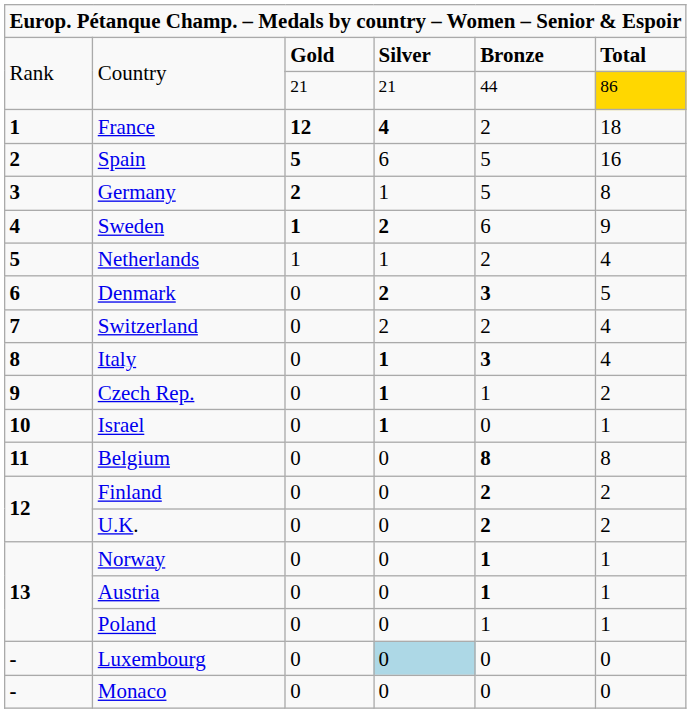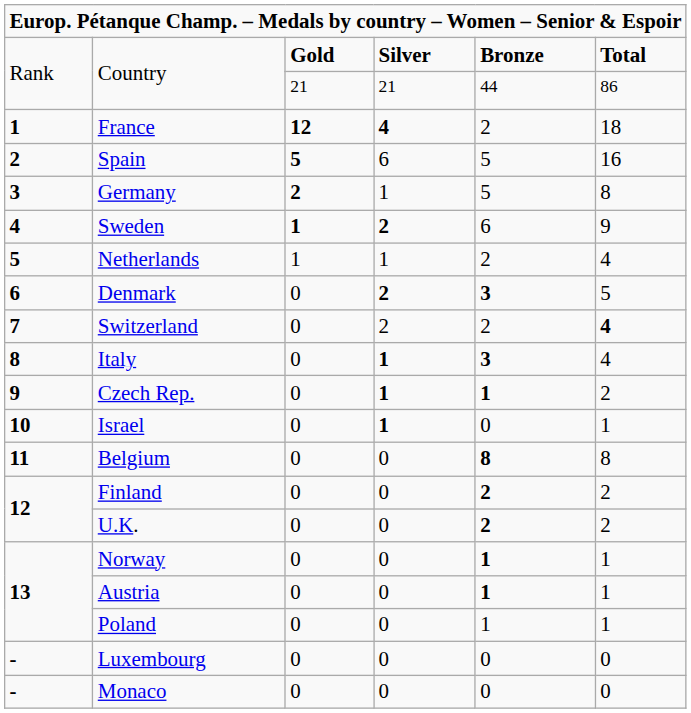 <table class="wikitable">
 <tr>
 <td colspan="6"><strong>Europ. Pétanque Champ. – Medals by country – Women – Senior &  Espoir</strong></td>
 </tr>
 <tr>
 <td rowspan="2">Rank</td>
 <td rowspan="2">Country</td>
 <td><strong> Gold</strong></td>
 <td><strong> Silver</strong></td>
 <td><strong> Bronze</strong></td>
 <td><strong>Total</strong></td>
 </tr>
 <tr>
 <td><sup>21</sup></td>
 <td><sup>21</sup></td>
 <td><sup>44</sup></td>
-<td style="background: gold;"><sup>86</sup></td>
+<td><sup>86</sup></td>
 </tr>
 <tr>
 <td><strong>1</strong></td>
 <td> <a href='#'>France</a></td>
 <td><strong>12</strong></td>
 <td><strong>4</strong></td>
 <td>2</td>
 <td>18</td>
 </tr>
 <tr>
 <td><strong>2</strong></td>
 <td> <a href='#'>Spain</a></td>
 <td><strong>5</strong></td>
 <td>6</td>
 <td>5</td>
 <td>16</td>
 </tr>
 <tr>
 <td><strong>3</strong></td>
 <td> <a href='#'>Germany</a></td>
 <td><strong>2</strong></td>
 <td>1</td>
 <td>5</td>
 <td>8</td>
 </tr>
 <tr>
 <td><strong>4</strong></td>
 <td> <a href='#'>Sweden</a></td>
 <td><strong>1</strong></td>
 <td><strong>2</strong></td>
 <td>6</td>
 <td>9</td>
 </tr>
 <tr>
 <td><strong>5</strong></td>
 <td> <a href='#'>Netherlands</a></td>
 <td>1</td>
 <td>1</td>
 <td>2</td>
 <td>4</td>
 </tr>
 <tr>
 <td><strong>6</strong></td>
 <td> <a href='#'>Denmark</a></td>
 <td>0</td>
 <td><strong>2</strong></td>
 <td><strong>3</strong></td>
 <td>5</td>
 </tr>
 <tr>
 <td><strong>7</strong></td>
 <td> <a href='#'>Switzerland</a></td>
 <td>0</td>
 <td>2</td>
 <td>2</td>
-<td>4</td>
+<td><strong>4</strong></td>
 </tr>
 <tr>
 <td><strong>8</strong></td>
 <td> <a href='#'>Italy</a></td>
 <td>0</td>
 <td><strong>1</strong></td>
 <td><strong>3</strong></td>
 <td>4</td>
 </tr>
 <tr>
 <td><strong>9</strong></td>
 <td> <a href='#'>Czech Rep.</a></td>
 <td>0</td>
 <td><strong>1</strong></td>
-<td>1</td>
+<td><strong>1</strong></td>
 <td>2</td>
 </tr>
 <tr>
 <td><strong>10</strong></td>
 <td> <a href='#'>Israel</a></td>
 <td>0</td>
 <td><strong>1</strong></td>
 <td>0</td>
 <td>1</td>
 </tr>
 <tr>
 <td><strong>11</strong></td>
 <td> <a href='#'>Belgium</a></td>
 <td>0</td>
 <td>0</td>
 <td><strong>8</strong></td>
 <td>8</td>
 </tr>
 <tr>
 <td rowspan="2"><strong>12</strong></td>
 <td> <a href='#'>Finland</a></td>
 <td>0</td>
 <td>0</td>
 <td><strong>2</strong></td>
 <td>2</td>
 </tr>
 <tr>
 <td> <a href='#'>U.K</a>.</td>
 <td>0</td>
 <td>0</td>
 <td><strong>2</strong></td>
 <td>2</td>
 </tr>
 <tr>
 <td rowspan="3"><strong>13</strong></td>
 <td> <a href='#'>Norway</a></td>
 <td>0</td>
 <td>0</td>
 <td><strong>1</strong></td>
 <td>1</td>
 </tr>
 <tr>
 <td> <a href='#'>Austria</a></td>
 <td>0</td>
 <td>0</td>
 <td><strong>1</strong></td>
 <td>1</td>
 </tr>
 <tr>
 <td> <a href='#'>Poland</a></td>
 <td>0</td>
 <td>0</td>
 <td>1</td>
 <td>1</td>
 </tr>
 <tr>
 <td><strong>-</strong></td>
 <td> <a href='#'>Luxembourg</a></td>
 <td>0</td>
-<td style="background: lightblue;">0</td>
+<td>0</td>
 <td>0</td>
 <td>0</td>
 </tr>
 <tr>
 <td><strong>-</strong></td>
 <td> <a href='#'>Monaco</a></td>
 <td>0</td>
 <td>0</td>
 <td>0</td>
 <td>0</td>
 </tr>
 </table>
